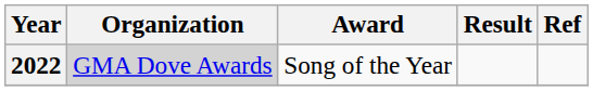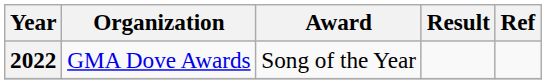 <table class="wikitable plainrowheaders">
 <tr>
 <th>Year</th>
 <th>Organization</th>
 <th>Award</th>
 <th>Result</th>
 <th>Ref</th>
 </tr>
 <tr>
 <th scope="row">2022</th>
-<td style="background: lightgrey;"><a href='#'>GMA Dove Awards</a></td>
+<td><a href='#'>GMA Dove Awards</a></td>
 <td>Song of the Year</td>
 <td></td>
 <td></td>
 </tr>
 <tr>
 </tr>
 </table>
